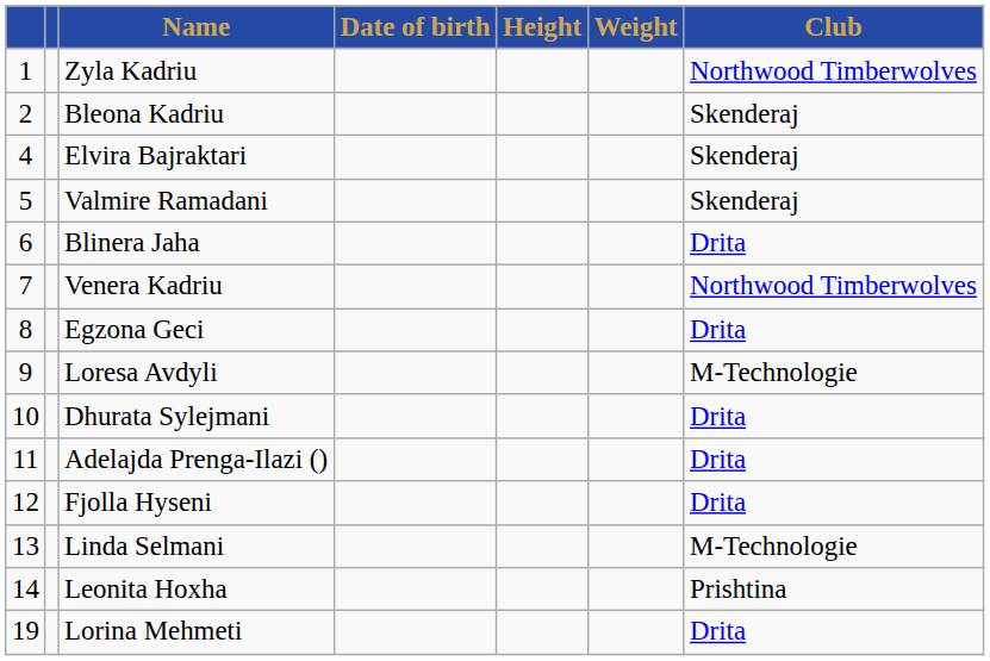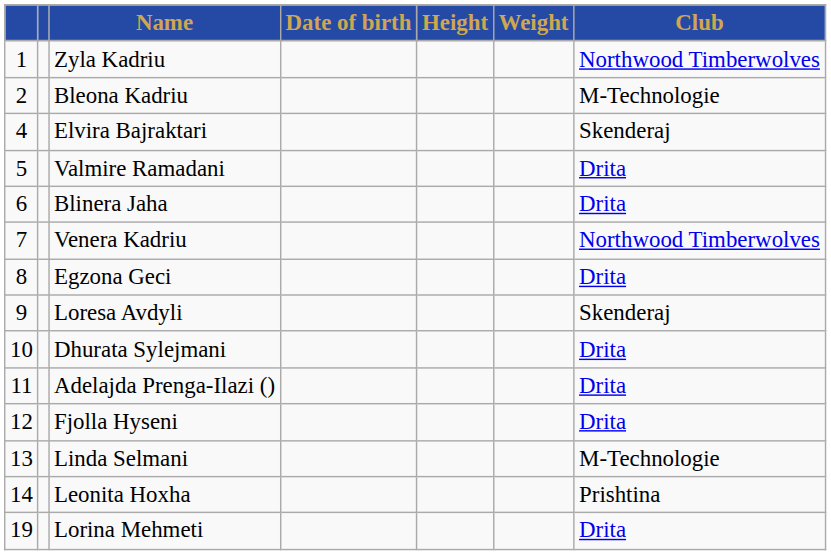 <table class="wikitable" style="text-align: center;">
 <tr>
 <th style="background: #244AA5; color: #D0A650;"></th>
 <th style="background: #244AA5; color: #D0A650;"></th>
 <th style="background: #244AA5; color: #D0A650;">Name</th>
 <th style="background: #244AA5; color: #D0A650;">Date of birth</th>
 <th style="background: #244AA5; color: #D0A650;">Height</th>
 <th style="background: #244AA5; color: #D0A650;">Weight</th>
 <th style="background: #244AA5; color: #D0A650;">Club</th>
 </tr>
 <tr>
 <td>1</td>
 <td></td>
 <td align="left">Zyla Kadriu</td>
 <td align="left"></td>
 <td></td>
 <td></td>
 <td align="left"> <a href='#'>Northwood Timberwolves</a></td>
 </tr>
 <tr>
 <td>2</td>
 <td></td>
 <td align="left">Bleona Kadriu</td>
 <td align="left"></td>
 <td></td>
 <td></td>
-<td align="left"> Skenderaj</td>
+<td align="left"> M-Technologie</td>
 </tr>
 <tr>
 <td>4</td>
 <td></td>
 <td align="left">Elvira Bajraktari</td>
 <td align="left"></td>
 <td></td>
 <td></td>
 <td align="left"> Skenderaj</td>
 </tr>
 <tr>
 <td>5</td>
 <td></td>
 <td align="left">Valmire Ramadani</td>
 <td align="left"></td>
 <td></td>
 <td></td>
-<td align="left"> Skenderaj</td>
+<td align="left"> <a href='#'>Drita</a></td>
 </tr>
 <tr>
 <td>6</td>
 <td></td>
 <td align="left">Blinera Jaha</td>
 <td align="left"></td>
 <td></td>
 <td></td>
 <td align="left"> <a href='#'>Drita</a></td>
 </tr>
 <tr>
 <td>7</td>
 <td></td>
 <td align="left">Venera Kadriu</td>
 <td align="left"></td>
 <td></td>
 <td></td>
 <td align="left"> <a href='#'>Northwood Timberwolves</a></td>
 </tr>
 <tr>
 <td>8</td>
 <td></td>
 <td align="left">Egzona Geci</td>
 <td align="left"></td>
 <td></td>
 <td></td>
 <td align="left"> <a href='#'>Drita</a></td>
 </tr>
 <tr>
 <td>9</td>
 <td></td>
 <td align="left">Loresa Avdyli</td>
 <td align="left"></td>
 <td></td>
 <td></td>
-<td align="left"> M-Technologie</td>
+<td align="left"> Skenderaj</td>
 </tr>
 <tr>
 <td>10</td>
 <td></td>
 <td align="left">Dhurata Sylejmani</td>
 <td align="left"></td>
 <td></td>
 <td></td>
 <td align="left"> <a href='#'>Drita</a></td>
 </tr>
 <tr>
 <td>11</td>
 <td></td>
 <td align="left">Adelajda Prenga-Ilazi ()</td>
 <td align="left"></td>
 <td></td>
 <td></td>
 <td align="left"> <a href='#'>Drita</a></td>
 </tr>
 <tr>
 <td>12</td>
 <td></td>
 <td align="left">Fjolla Hyseni</td>
 <td align="left"></td>
 <td></td>
 <td></td>
 <td align="left"> <a href='#'>Drita</a></td>
 </tr>
 <tr>
 <td>13</td>
 <td></td>
 <td align="left">Linda Selmani</td>
 <td align="left"></td>
 <td></td>
 <td></td>
 <td align="left"> M-Technologie</td>
 </tr>
 <tr>
 <td>14</td>
 <td></td>
 <td align="left">Leonita Hoxha</td>
 <td align="left"></td>
 <td></td>
 <td></td>
 <td align="left"> Prishtina</td>
 </tr>
 <tr>
 <td>19</td>
 <td></td>
 <td align="left">Lorina Mehmeti</td>
 <td align="left"></td>
 <td></td>
 <td></td>
 <td align="left"> <a href='#'>Drita</a></td>
 </tr>
 </table>
